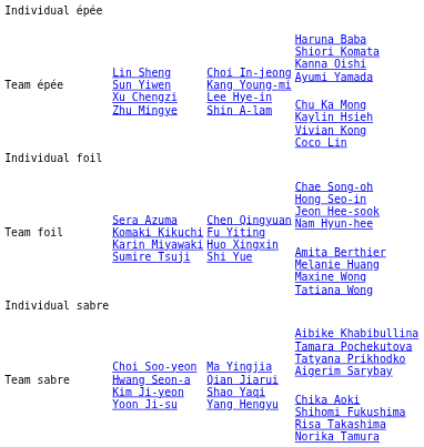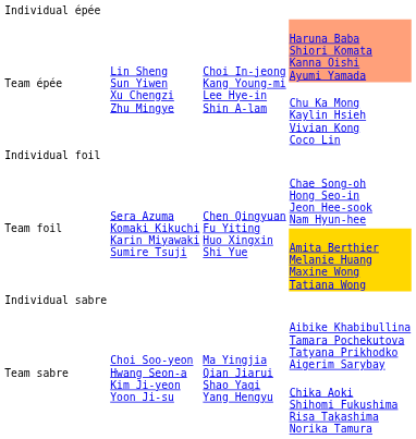 <table>
 <tr>
 <td rowspan=2>Individual épée<br></td>
 <td rowspan=2></td>
 <td rowspan=2></td>
 <td></td>
 </tr>
 <tr>
 <td></td>
 </tr>
 <tr>
 <td rowspan=2>Team épée<br></td>
 <td rowspan=2><br><a href='#'>Lin Sheng</a><br><a href='#'>Sun Yiwen</a><br><a href='#'>Xu Chengzi</a><br><a href='#'>Zhu Mingye</a></td>
 <td rowspan=2><br><a href='#'>Choi In-jeong</a><br><a href='#'>Kang Young-mi</a><br><a href='#'>Lee Hye-in</a><br><a href='#'>Shin A-lam</a></td>
-<td><br><a href='#'>Haruna Baba</a><br><a href='#'>Shiori Komata</a><br><a href='#'>Kanna Oishi</a><br><a href='#'>Ayumi Yamada</a></td>
+<td style="background: lightsalmon;"><br><a href='#'>Haruna Baba</a><br><a href='#'>Shiori Komata</a><br><a href='#'>Kanna Oishi</a><br><a href='#'>Ayumi Yamada</a></td>
 </tr>
 <tr>
 <td><br><a href='#'>Chu Ka Mong</a><br><a href='#'>Kaylin Hsieh</a><br><a href='#'>Vivian Kong</a><br><a href='#'>Coco Lin</a></td>
 </tr>
 <tr>
 <td rowspan=2>Individual foil<br></td>
 <td rowspan=2></td>
 <td rowspan=2></td>
 <td></td>
 </tr>
 <tr>
 <td></td>
 </tr>
 <tr>
 <td rowspan=2>Team foil<br></td>
 <td rowspan=2><br><a href='#'>Sera Azuma</a><br><a href='#'>Komaki Kikuchi</a><br><a href='#'>Karin Miyawaki</a><br><a href='#'>Sumire Tsuji</a></td>
 <td rowspan=2><br><a href='#'>Chen Qingyuan</a><br><a href='#'>Fu Yiting</a><br><a href='#'>Huo Xingxin</a><br><a href='#'>Shi Yue</a></td>
 <td><br><a href='#'>Chae Song-oh</a><br><a href='#'>Hong Seo-in</a><br><a href='#'>Jeon Hee-sook</a><br><a href='#'>Nam Hyun-hee</a></td>
 </tr>
 <tr>
-<td><br><a href='#'>Amita Berthier</a><br><a href='#'>Melanie Huang</a><br><a href='#'>Maxine Wong</a><br><a href='#'>Tatiana Wong</a></td>
+<td style="background: gold;"><br><a href='#'>Amita Berthier</a><br><a href='#'>Melanie Huang</a><br><a href='#'>Maxine Wong</a><br><a href='#'>Tatiana Wong</a></td>
 </tr>
 <tr>
 <td rowspan=2>Individual sabre<br></td>
 <td rowspan=2></td>
 <td rowspan=2></td>
 <td></td>
 </tr>
 <tr>
 <td></td>
 </tr>
 <tr>
 <td rowspan=2>Team sabre<br></td>
 <td rowspan=2><br><a href='#'>Choi Soo-yeon</a><br><a href='#'>Hwang Seon-a</a><br><a href='#'>Kim Ji-yeon</a><br><a href='#'>Yoon Ji-su</a></td>
 <td rowspan=2><br><a href='#'>Ma Yingjia</a><br><a href='#'>Qian Jiarui</a><br><a href='#'>Shao Yaqi</a><br><a href='#'>Yang Hengyu</a></td>
 <td><br><a href='#'>Aibike Khabibullina</a><br><a href='#'>Tamara Pochekutova</a><br><a href='#'>Tatyana Prikhodko</a><br><a href='#'>Aigerim Sarybay</a></td>
 </tr>
 <tr>
 <td><br><a href='#'>Chika Aoki</a><br><a href='#'>Shihomi Fukushima</a><br><a href='#'>Risa Takashima</a><br><a href='#'>Norika Tamura</a></td>
 </tr>
 </table>
